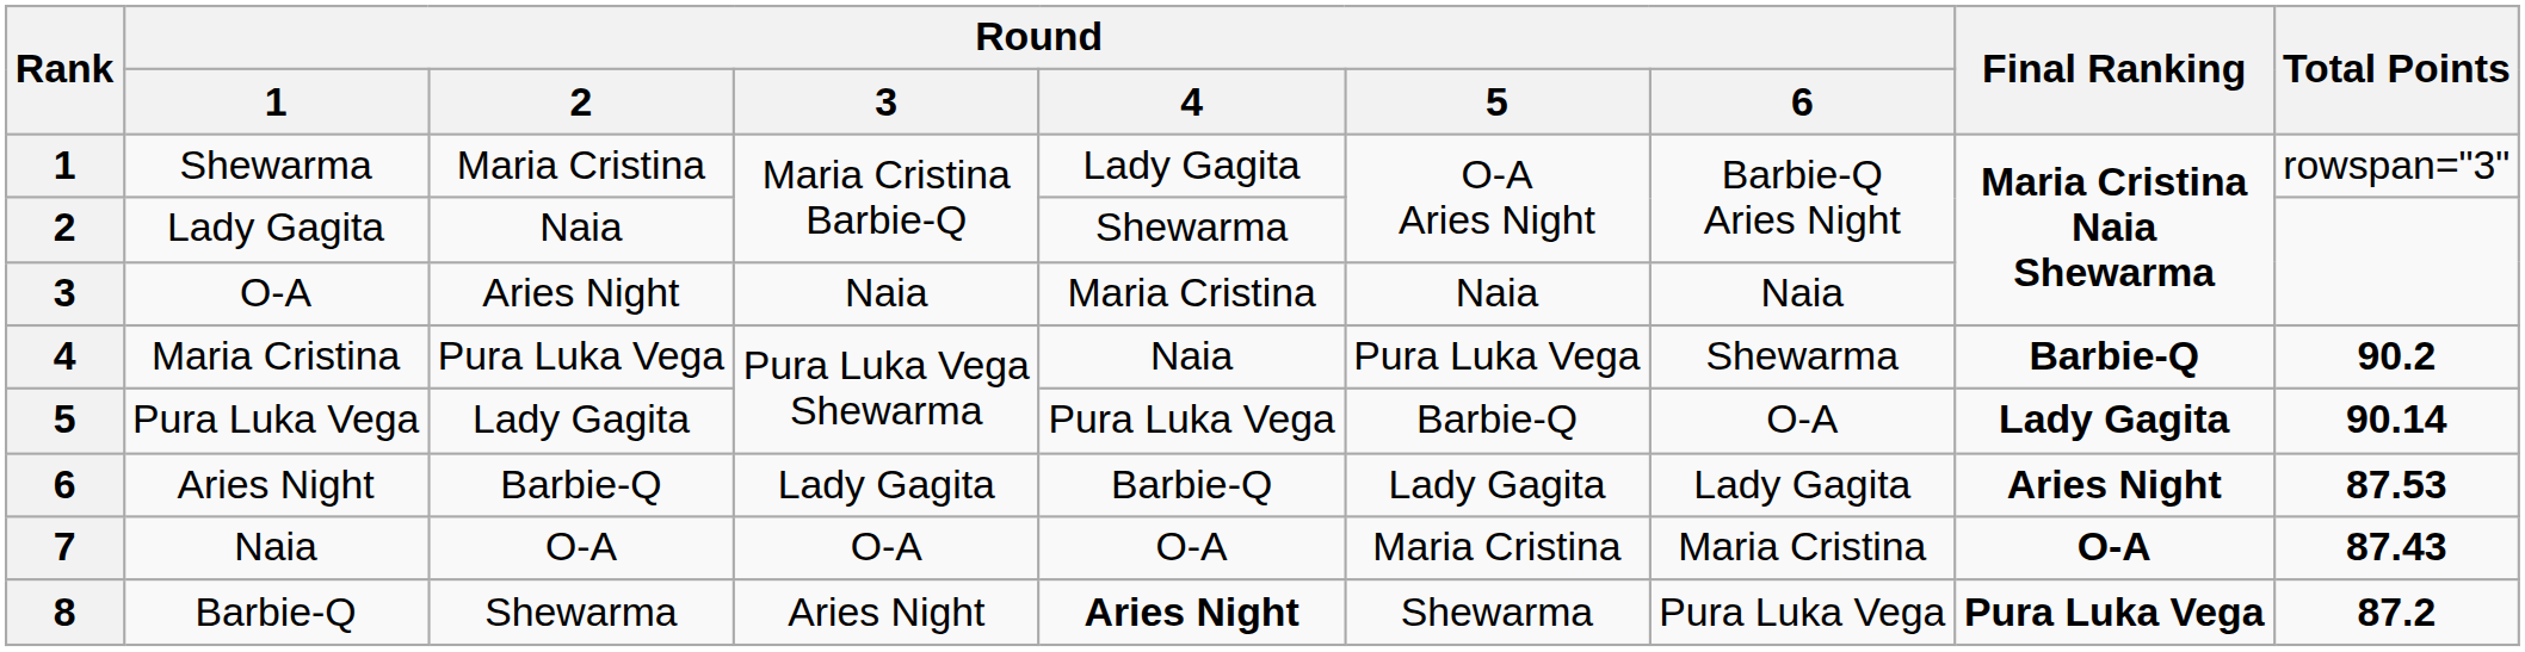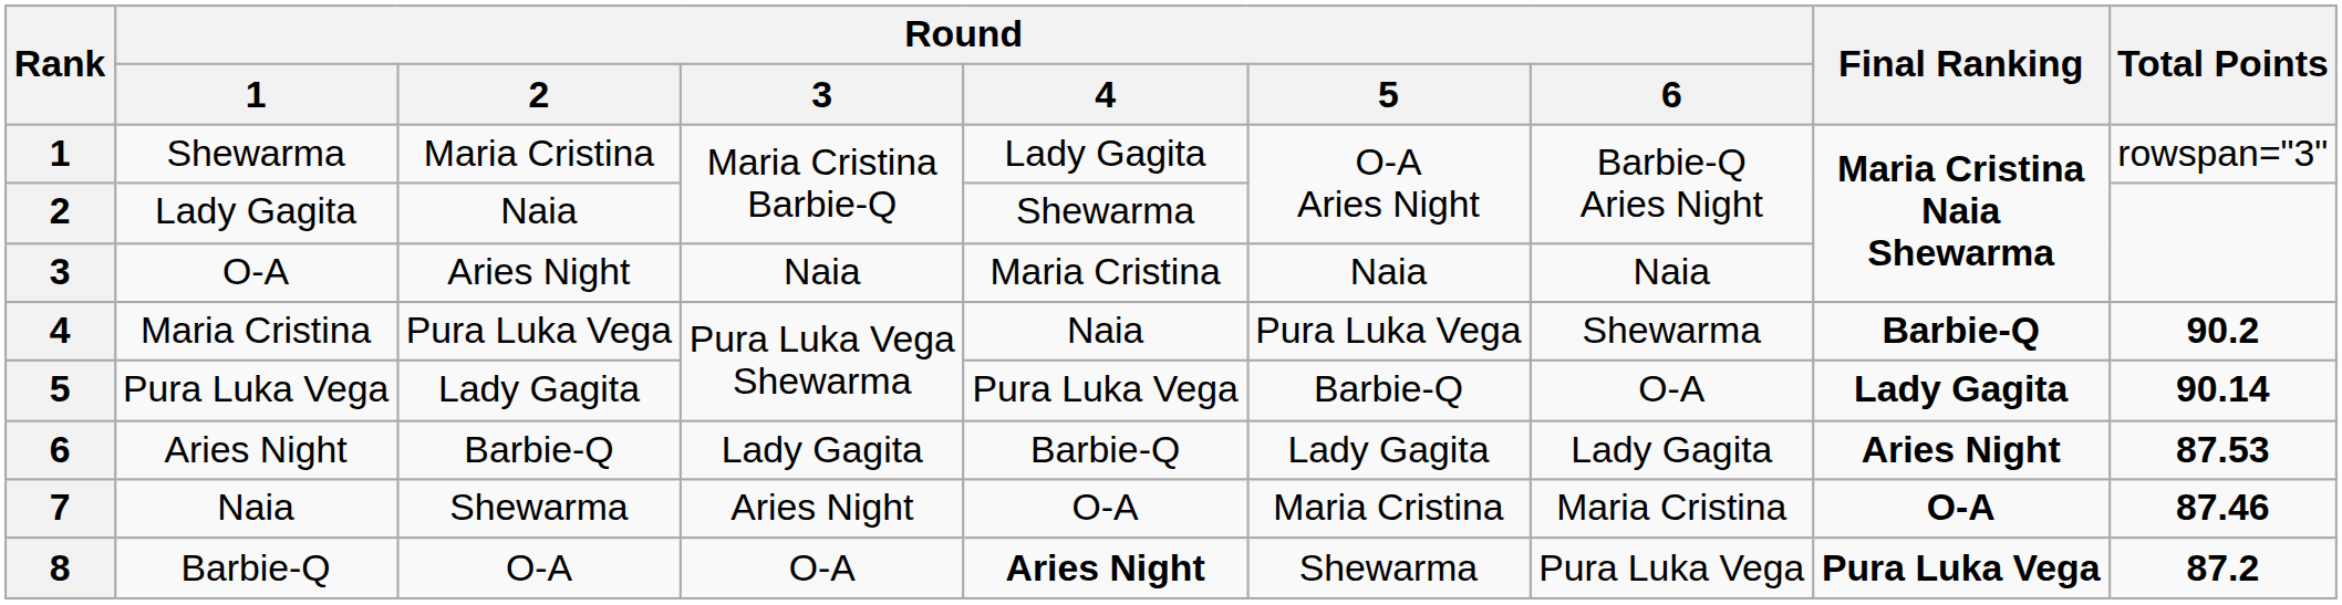 <table class="wikitable" style="text-align:center;">
 <tr>
 <th rowspan="2" scope="col">Rank</th>
 <th colspan="6" scope="col">Round</th>
 <th rowspan="2">Final Ranking</th>
 <th rowspan="2">Total Points</th>
 </tr>
 <tr>
 <th scope="col">1</th>
 <th scope="col">2</th>
 <th scope="col">3</th>
 <th scope="col">4</th>
 <th scope="col">5</th>
 <th scope="col">6</th>
 </tr>
 <tr>
 <th scope="row">1</th>
 <td>Shewarma</td>
 <td>Maria Cristina</td>
 <td rowspan="2">Maria Cristina<br>Barbie-Q</td>
 <td>Lady Gagita</td>
 <td rowspan="2">O-A<br>Aries Night</td>
 <td rowspan="2">Barbie-Q<br>Aries Night</td>
 <td rowspan="3"><strong>Maria Cristina<br>Naia<br>Shewarma</strong></td>
 <td>rowspan="3" </td>
 </tr>
 <tr>
 <th scope="row">2</th>
 <td>Lady Gagita</td>
 <td>Naia</td>
 <td>Shewarma</td>
 </tr>
 <tr>
 <th scope="row">3</th>
 <td>O-A</td>
 <td>Aries Night</td>
 <td>Naia</td>
 <td>Maria Cristina</td>
 <td>Naia</td>
 <td>Naia</td>
 </tr>
 <tr>
 <th scope="row">4</th>
 <td>Maria Cristina</td>
 <td>Pura Luka Vega</td>
 <td rowspan="2">Pura Luka Vega<br>Shewarma</td>
 <td>Naia</td>
 <td>Pura Luka Vega</td>
 <td>Shewarma</td>
 <td><strong>Barbie-Q</strong></td>
 <td><strong>90.2</strong></td>
 </tr>
 <tr>
 <th scope="row">5</th>
 <td>Pura Luka Vega</td>
 <td>Lady Gagita</td>
 <td>Pura Luka Vega</td>
 <td>Barbie-Q</td>
 <td>O-A</td>
 <td><strong>Lady Gagita</strong></td>
 <td><strong>90.14</strong></td>
 </tr>
 <tr>
 <th scope="row">6</th>
 <td>Aries Night</td>
 <td>Barbie-Q</td>
 <td>Lady Gagita</td>
 <td>Barbie-Q</td>
 <td>Lady Gagita</td>
 <td>Lady Gagita</td>
 <td><strong>Aries Night</strong></td>
 <td><strong>87.53</strong></td>
 </tr>
 <tr>
 <th scope="row">7</th>
 <td>Naia</td>
-<td>O-A</td>
-<td>O-A</td>
+<td>Shewarma</td>
+<td>Aries Night</td>
 <td>O-A</td>
 <td>Maria Cristina</td>
 <td>Maria Cristina</td>
 <td><strong>O-A</strong></td>
-<td><strong>87.43</strong></td>
+<td><strong>87.46</strong></td>
 </tr>
 <tr>
 <th scope="row">8</th>
 <td>Barbie-Q</td>
-<td>Shewarma</td>
-<td>Aries Night</td>
+<td>O-A</td>
+<td>O-A</td>
 <td><strong>Aries Night</strong></td>
 <td>Shewarma</td>
 <td>Pura Luka Vega</td>
 <td><strong>Pura Luka Vega</strong></td>
 <td><strong>87.2</strong></td>
 </tr>
 </table>
